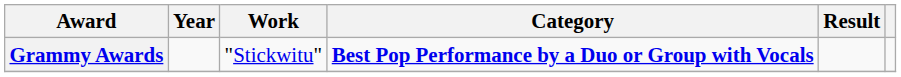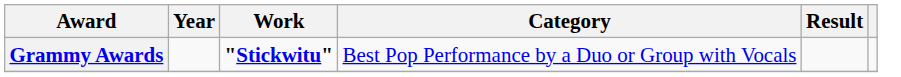 <table class="wikitable plainrowheaders">
 <tr>
 <th scope="col">Award</th>
 <th scope="col">Year</th>
 <th scope="col">Work</th>
 <th scope="col">Category</th>
 <th scope="col">Result</th>
 <th scope="col" class="unsortable"></th>
 </tr>
 <tr>
 <th scope="row"><a href='#'>Grammy Awards</a></th>
 <td></td>
-<td>"<a href='#'>Stickwitu</a>"</td>
-<td><strong><a href='#'>Best Pop Performance by a Duo or Group with Vocals</a></strong></td>
+<td><strong>"<a href='#'>Stickwitu</a>"</strong></td>
+<td><a href='#'>Best Pop Performance by a Duo or Group with Vocals</a></td>
 <td></td>
 <td></td>
 </tr>
 <tr>
 </tr>
 </table>
